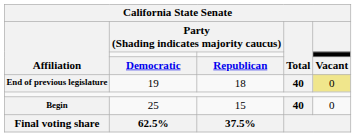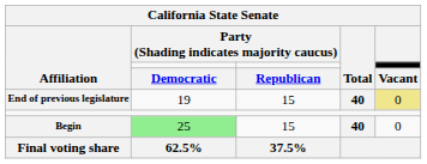 <table class=wikitable style="text-align:center">
 <tr>
 <th colspan="6">California State Senate</th>
 </tr>
 <tr valign=bottom>
 <th rowspan=3>Affiliation</th>
 <th colspan=2>Party <div>(Shading indicates majority caucus)</div></th>
 <th rowspan=3>Total</th>
 <th></th>
 </tr>
 <tr style="height:5px">
 <td style="background-color:"></td>
 <td style="background-color:"></td>
 <td bgcolor=black></td>
 </tr>
 <tr>
 <th><a href='#'>Democratic</a></th>
 <th><a href='#'>Republican</a></th>
 <th>Vacant</th>
 </tr>
 <tr>
 <th nowrap style="font-size:80%">End of previous legislature</th>
 <td>19</td>
-<td>18</td>
+<td>15</td>
 <th>40</th>
 <td style="background: khaki;">0</td>
 </tr>
 <tr>
 <td colspan=5></td>
 </tr>
 <tr>
 <th nowrap style="font-size:80%">Begin</th>
-<td>25</td>
+<td style="background: lightgreen;">25</td>
 <td>15</td>
 <th>40</th>
 <td>0</td>
 </tr>
 <tr>
 <th>Final voting share</th>
 <th>62.5% </th>
 <th>37.5%</th>
 <th colspan=2></th>
 </tr>
 </table>
